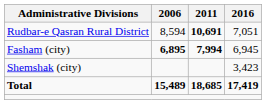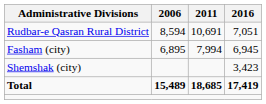 <table class="wikitable">
 <tr>
 <th>Administrative Divisions</th>
 <th>2006</th>
 <th>2011</th>
 <th>2016</th>
 </tr>
 <tr>
 <td><a href='#'>Rudbar-e Qasran Rural District</a></td>
 <td style="text-align: right;">8,594</td>
-<td style="text-align: right;"><strong>10,691</strong></td>
+<td style="text-align: right;">10,691</td>
 <td style="text-align: right;">7,051</td>
 </tr>
 <tr>
 <td><a href='#'>Fasham</a> (city)</td>
-<td style="text-align: right;"><strong>6,895</strong></td>
-<td style="text-align: right;"><strong>7,994</strong></td>
+<td style="text-align: right;">6,895</td>
+<td style="text-align: right;">7,994</td>
 <td style="text-align: right;">6,945</td>
 </tr>
 <tr>
 <td><a href='#'>Shemshak</a> (city)</td>
 <td style="text-align: right;"></td>
 <td style="text-align: right;"></td>
 <td style="text-align: right;">3,423</td>
 </tr>
 <tr>
 <td><strong>Total</strong></td>
 <td style="text-align: right;"><strong>15,489</strong></td>
 <td style="text-align: right;"><strong>18,685</strong></td>
 <td style="text-align: right;"><strong>17,419</strong></td>
 </tr>
 <tr>
 <td colspan=4></td>
 </tr>
 </table>
